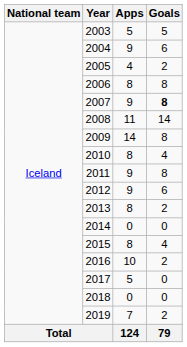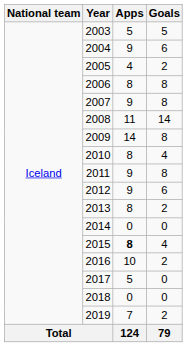 <table class="wikitable" style="text-align:center">
 <tr>
 <th>National team</th>
 <th>Year</th>
 <th>Apps</th>
 <th>Goals</th>
 </tr>
 <tr>
 <td rowspan="17"><a href='#'>Iceland</a></td>
 <td>2003</td>
 <td>5</td>
 <td>5</td>
 </tr>
 <tr>
 <td>2004</td>
 <td>9</td>
 <td>6</td>
 </tr>
 <tr>
 <td>2005</td>
 <td>4</td>
 <td>2</td>
 </tr>
 <tr>
 <td>2006</td>
 <td>8</td>
 <td>8</td>
 </tr>
 <tr>
 <td>2007</td>
 <td>9</td>
-<td><strong>8</strong></td>
+<td>8</td>
 </tr>
 <tr>
 <td>2008</td>
 <td>11</td>
 <td>14</td>
 </tr>
 <tr>
 <td>2009</td>
 <td>14</td>
 <td>8</td>
 </tr>
 <tr>
 <td>2010</td>
 <td>8</td>
 <td>4</td>
 </tr>
 <tr>
 <td>2011</td>
 <td>9</td>
 <td>8</td>
 </tr>
 <tr>
 <td>2012</td>
 <td>9</td>
 <td>6</td>
 </tr>
 <tr>
 <td>2013</td>
 <td>8</td>
 <td>2</td>
 </tr>
 <tr>
 <td>2014</td>
 <td>0</td>
 <td>0</td>
 </tr>
 <tr>
 <td>2015</td>
-<td>8</td>
+<td><strong>8</strong></td>
 <td>4</td>
 </tr>
 <tr>
 <td>2016</td>
 <td>10</td>
 <td>2</td>
 </tr>
 <tr>
 <td>2017</td>
 <td>5</td>
 <td>0</td>
 </tr>
 <tr>
 <td>2018</td>
 <td>0</td>
 <td>0</td>
 </tr>
 <tr>
 <td>2019</td>
 <td>7</td>
 <td>2</td>
 </tr>
 <tr>
 <th colspan="2">Total</th>
 <th>124</th>
 <th>79</th>
 </tr>
 </table>
